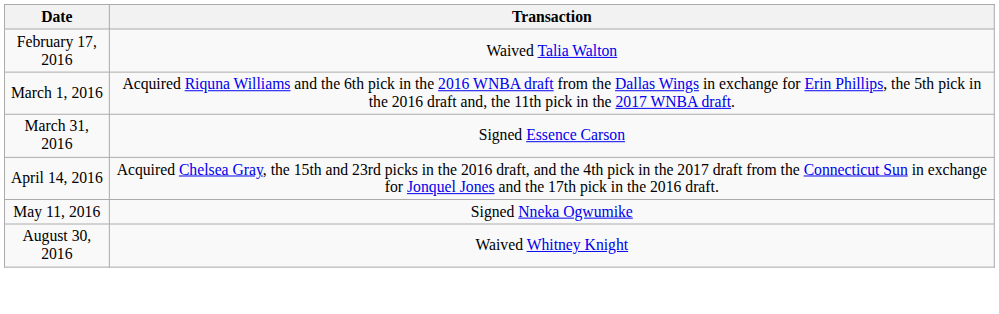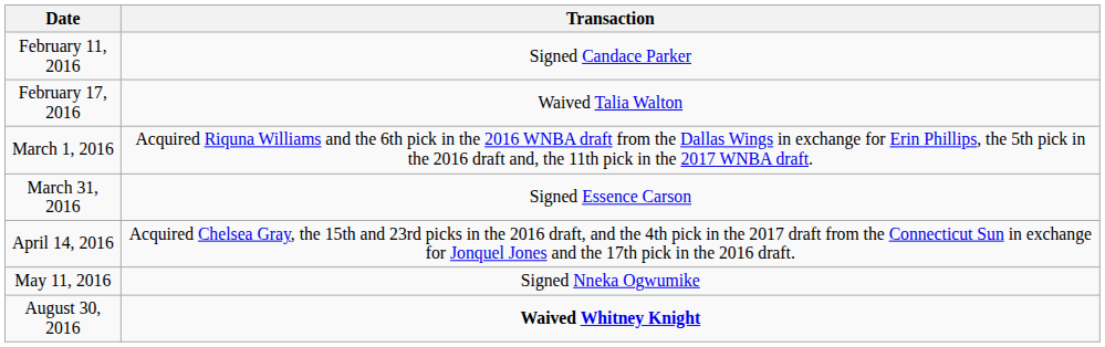 <table class="wikitable" style="width:80%; text-align: center">
 <tr>
 <th>Date</th>
 <th>Transaction</th>
+</tr>
+<tr>
+<td>February 11, 2016</td>
+<td>Signed <a href='#'>Candace Parker</a></td>
 </tr>
 <tr>
 <td>February 17, 2016</td>
 <td>Waived <a href='#'>Talia Walton</a></td>
 </tr>
 <tr>
 <td>March 1, 2016</td>
 <td>Acquired <a href='#'>Riquna Williams</a> and the 6th pick in the <a href='#'>2016 WNBA draft</a> from the <a href='#'>Dallas Wings</a> in exchange for <a href='#'>Erin Phillips</a>, the 5th pick in the 2016 draft and, the 11th pick in the <a href='#'>2017 WNBA draft</a>.</td>
 </tr>
 <tr>
 <td>March 31, 2016</td>
 <td>Signed <a href='#'>Essence Carson</a></td>
 </tr>
 <tr>
 <td>April 14, 2016</td>
 <td>Acquired <a href='#'>Chelsea Gray</a>, the 15th and 23rd picks in the 2016 draft, and the 4th pick in the 2017 draft from the <a href='#'>Connecticut Sun</a> in exchange for <a href='#'>Jonquel Jones</a> and the 17th pick in the 2016 draft.</td>
 </tr>
 <tr>
 <td>May 11, 2016</td>
 <td>Signed <a href='#'>Nneka Ogwumike</a></td>
 </tr>
 <tr>
 <td>August 30, 2016</td>
-<td>Waived <a href='#'>Whitney Knight</a></td>
+<td><strong>Waived <a href='#'>Whitney Knight</a></strong></td>
 </tr>
 </table>
